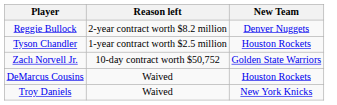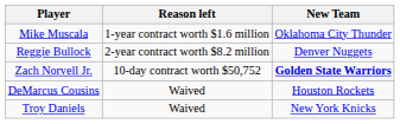 <table class="wikitable sortable sortable" style="text-align: center">
 <tr>
 <th>Player</th>
 <th>Reason left</th>
 <th>New Team</th>
+</tr>
+<tr style="text-align: center">
+<td><a href='#'>Mike Muscala</a></td>
+<td>1-year contract worth $1.6 million</td>
+<td><a href='#'>Oklahoma City Thunder</a></td>
 </tr>
 <tr>
 <td><a href='#'>Reggie Bullock</a></td>
 <td>2-year contract worth $8.2 million</td>
 <td><a href='#'>Denver Nuggets</a></td>
 </tr>
 <tr>
-<td><a href='#'>Tyson Chandler</a></td>
-<td>1-year contract worth $2.5 million</td>
-<td><a href='#'>Houston Rockets</a></td>
-</tr>
-<tr>
 <td><a href='#'>Zach Norvell Jr.</a></td>
 <td>10-day contract worth $50,752</td>
-<td><a href='#'>Golden State Warriors</a></td>
+<td><strong><a href='#'>Golden State Warriors</a></strong></td>
 </tr>
 <tr>
 <td><a href='#'>DeMarcus Cousins</a></td>
 <td>Waived</td>
 <td><a href='#'>Houston Rockets</a></td>
 </tr>
 <tr>
 <td><a href='#'>Troy Daniels</a></td>
 <td>Waived</td>
 <td><a href='#'>New York Knicks</a></td>
 </tr>
 </table>
